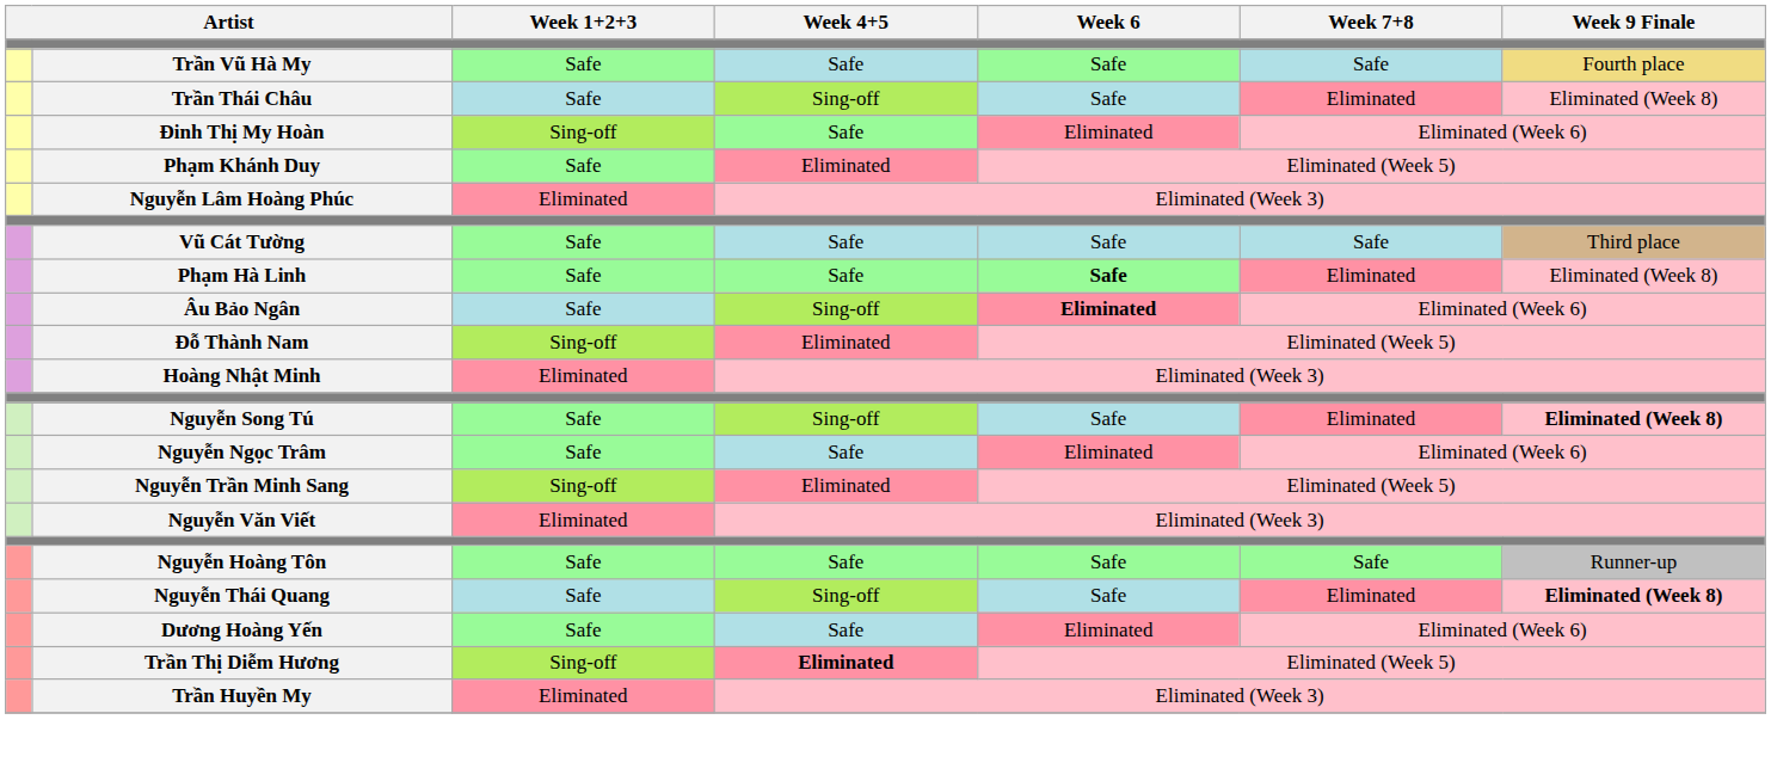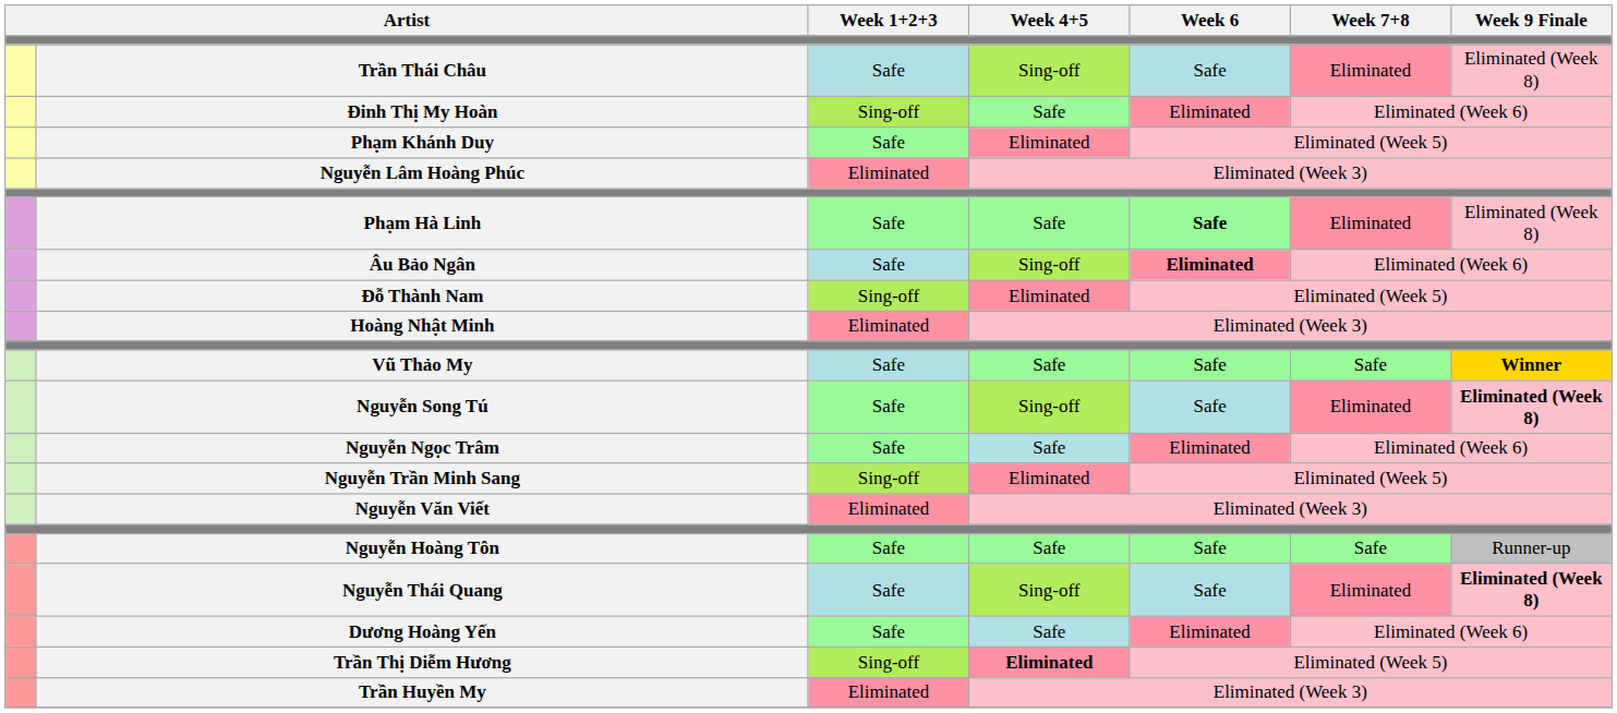 <table class="wikitable" style="text-align:center; font-size:90%;">
 <tr>
 <th colspan="2">Artist</th>
 <th style="width:10%">Week 1+2+3</th>
 <th style="width:10%">Week 4+5</th>
 <th style="width:10%">Week 6</th>
 <th style="width:10%">Week 7+8</th>
 <th style="width:10%">Week 9 Finale</th>
 </tr>
 <tr>
 <th colspan="7" style="background:grey;"></th>
-</tr>
-<tr>
-<th width="1%" style="background:#FFFFAA;"></th>
-<th width="16%">Trần Vũ Hà My</th>
-<td style="background:palegreen" align="center">Safe</td>
-<td style="background:#B0E0E6" align="center">Safe</td>
-<td style="background:palegreen" align="center">Safe</td>
-<td style="background:#B0E0E6" align="center">Safe</td>
-<td style="background:#F0DC82" align="center">Fourth place</td>
 </tr>
 <tr>
 <th style="background:#FFFFAA;"></th>
 <th>Trần Thái Châu</th>
 <td style="background:#B0E0E6" align="center">Safe</td>
 <td style="background:#B2EC5D" align="center">Sing-off</td>
 <td style="background:#B0E0E6" align="center">Safe</td>
 <td style="background:#FF91A4" align="center">Eliminated</td>
 <td style="background:pink" align="center">Eliminated (Week 8)</td>
 </tr>
 <tr>
 <th style="background:#FFFFAA;"></th>
 <th>Đinh Thị My Hoàn</th>
 <td style="background:#B2EC5D">Sing-off</td>
 <td style="background:palegreen" align="center">Safe</td>
 <td style="background:#FF91A4" align="center">Eliminated</td>
 <td colspan=2 style="background:pink" align="center">Eliminated (Week 6)</td>
 </tr>
 <tr>
 <th style="background:#FFFFAA;"></th>
 <th>Phạm Khánh Duy</th>
 <td style="background:palegreen" align="center">Safe</td>
 <td style="background:#FF91A4" align="center">Eliminated</td>
 <td colspan=3 style="background:pink" align="center">Eliminated (Week 5)</td>
 </tr>
 <tr>
 <th style="background:#FFFFAA;"></th>
 <th>Nguyễn Lâm Hoàng Phúc</th>
 <td style="background:#FF91A4" align="center">Eliminated</td>
 <td colspan=4 style="background:pink" align="center">Eliminated (Week 3)</td>
 </tr>
 <tr>
 <th colspan="7" style="background:grey;"></th>
 </tr>
 <tr>
 <th style="background:#dda0dd;"></th>
-<th>Vũ Cát Tường</th>
-<td style="background:palegreen" align="center">Safe</td>
-<td style="background:#B0E0E6" align="center">Safe</td>
-<td style="background:#B0E0E6" align="center">Safe</td>
-<td style="background:#B0E0E6" align="center">Safe</td>
-<td style="background:tan" align="center">Third place</td>
-</tr>
-<tr>
-<th style="background:#dda0dd;"></th>
 <th>Phạm Hà Linh</th>
 <td style="background:palegreen" align="center">Safe</td>
 <td style="background:palegreen" align="center">Safe</td>
 <td style="background:palegreen" align="center"><strong>Safe</strong></td>
 <td style="background:#FF91A4" align="center">Eliminated</td>
 <td style="background:pink" align="center">Eliminated (Week 8)</td>
 </tr>
 <tr>
 <th style="background:#dda0dd;"></th>
 <th>Âu Bảo Ngân</th>
 <td style="background:#B0E0E6" align="center">Safe</td>
 <td style="background:#B2EC5D" align="center">Sing-off</td>
 <td style="background:#FF91A4" align="center"><strong>Eliminated</strong></td>
 <td colspan=2 style="background:pink" align="center">Eliminated (Week 6)</td>
 </tr>
 <tr>
 <th style="background:#dda0dd;"></th>
 <th>Đỗ Thành Nam</th>
 <td style="background:#B2EC5D">Sing-off</td>
 <td style="background:#FF91A4" align="center">Eliminated</td>
 <td colspan=3 style="background:pink" align="center">Eliminated (Week 5)</td>
 </tr>
 <tr>
 <th style="background:#dda0dd;"></th>
 <th>Hoàng Nhật Minh</th>
 <td style="background:#FF91A4" align="center">Eliminated</td>
 <td colspan=4 style="background:pink" align="center">Eliminated (Week 3)</td>
 </tr>
 <tr>
 <th colspan="7" style="background:grey;"></th>
+</tr>
+<tr>
+<th style="background:#d0f0c0;"></th>
+<th>Vũ Thảo My</th>
+<td style="background:#B0E0E6" align="center">Safe</td>
+<td style="background:palegreen" align="center">Safe</td>
+<td style="background:palegreen" align="center">Safe</td>
+<td style="background:palegreen" align="center">Safe</td>
+<td style="background:gold" align="center"><strong>Winner</strong></td>
 </tr>
 <tr>
 <th style="background:#d0f0c0;"></th>
 <th>Nguyễn Song Tú</th>
 <td style="background:palegreen" align="center">Safe</td>
 <td style="background:#B2EC5D">Sing-off</td>
 <td style="background:#B0E0E6" align="center">Safe</td>
 <td style="background:#FF91A4" align="center">Eliminated</td>
 <td style="background:pink" align="center"><strong>Eliminated (Week 8)</strong></td>
 </tr>
 <tr>
 <th style="background:#d0f0c0;"></th>
 <th>Nguyễn Ngọc Trâm</th>
 <td style="background:palegreen" align="center">Safe</td>
 <td style="background:#B0E0E6" align="center">Safe</td>
 <td style="background:#FF91A4" align="center">Eliminated</td>
 <td colspan=2 style="background:pink" align="center">Eliminated (Week 6)</td>
 </tr>
 <tr>
 <th style="background:#d0f0c0;"></th>
 <th>Nguyễn Trần Minh Sang</th>
 <td style="background:#B2EC5D">Sing-off</td>
 <td style="background:#FF91A4">Eliminated</td>
 <td colspan=3 style="background:pink" align="center">Eliminated (Week 5)</td>
 </tr>
 <tr>
 <th style="background:#d0f0c0;"></th>
 <th>Nguyễn Văn Viết</th>
 <td style="background:#FF91A4" align="center">Eliminated</td>
 <td colspan=4 style="background:pink" align="center">Eliminated (Week  3)</td>
 </tr>
 <tr>
 <th colspan="7" style="background:grey;"></th>
 </tr>
 <tr>
 <th style="background:#ff9999;"></th>
 <th>Nguyễn Hoàng Tôn</th>
 <td style="background:palegreen" align="center">Safe</td>
 <td style="background:palegreen" align="center">Safe</td>
 <td style="background:palegreen" align="center">Safe</td>
 <td style="background:palegreen" align="center">Safe</td>
 <td style="background:silver" align="center">Runner-up</td>
 </tr>
 <tr>
 <th style="background:#ff9999;"></th>
 <th>Nguyễn Thái Quang</th>
 <td style="background:#B0E0E6" align="center">Safe</td>
 <td style="background:#B2EC5D">Sing-off</td>
 <td style="background:#B0E0E6" align="center">Safe</td>
 <td style="background:#FF91A4" align="center">Eliminated</td>
 <td style="background:pink" align="center"><strong>Eliminated (Week  8)</strong></td>
 </tr>
 <tr>
 <th style="background:#ff9999;"></th>
 <th>Dương Hoàng Yến</th>
 <td style="background:palegreen" align="center">Safe</td>
 <td style="background:#B0E0E6" align="center">Safe</td>
 <td style="background:#FF91A4" align="center">Eliminated</td>
 <td colspan=2 style="background:pink" align="center">Eliminated (Week  6)</td>
 </tr>
 <tr>
 <th style="background:#ff9999;"></th>
 <th>Trần Thị Diễm Hương</th>
 <td style="background:#B2EC5D">Sing-off</td>
 <td style="background:#FF91A4"><strong>Eliminated</strong></td>
 <td colspan=3 style="background:pink" align="center">Eliminated (Week   5)</td>
 </tr>
 <tr>
 <th style="background:#ff9999;"></th>
 <th>Trần Huyền My</th>
 <td style="background:#FF91A4" align="center">Eliminated</td>
 <td colspan=4 style="background:pink" align="center">Eliminated (Week   3)</td>
 </tr>
 <tr>
 </tr>
 </table>
